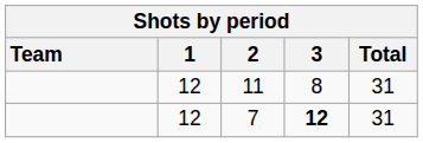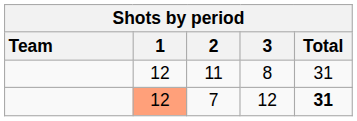 <table class="wikitable" style="width:20em;">
 <tr>
 <th colspan="6">Shots by period</th>
 </tr>
 <tr>
 <th style="width:8em; text-align:left;">Team</th>
 <th style="width:3em;">1</th>
 <th style="width:3em;">2</th>
 <th style="width:3em;">3</th>
 <th style="width:3em;">Total</th>
 </tr>
 <tr style="text-align:center;">
 <td style="text-align:left;"></td>
 <td>12</td>
 <td>11</td>
 <td>8</td>
 <td>31</td>
 </tr>
 <tr style="text-align:center;">
 <td style="text-align:left;"></td>
+<td style="background: lightsalmon;">12</td>
+<td>7</td>
 <td>12</td>
-<td>7</td>
-<td><strong>12</strong></td>
-<td>31</td>
+<td><strong>31</strong></td>
 </tr>
 </table>
